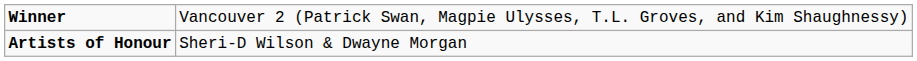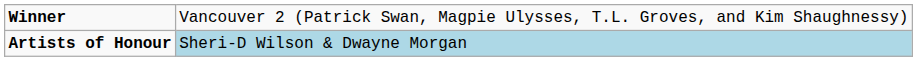 <table class="wikitable">
 <tr>
 <td><strong>Winner</strong></td>
 <td>Vancouver 2 (Patrick Swan, Magpie Ulysses, T.L. Groves, and Kim Shaughnessy)</td>
 </tr>
 <tr>
 <td><strong>Artists of Honour</strong></td>
-<td>Sheri-D Wilson & Dwayne Morgan</td>
+<td style="background: lightblue;">Sheri-D Wilson & Dwayne Morgan</td>
 </tr>
 </table>
